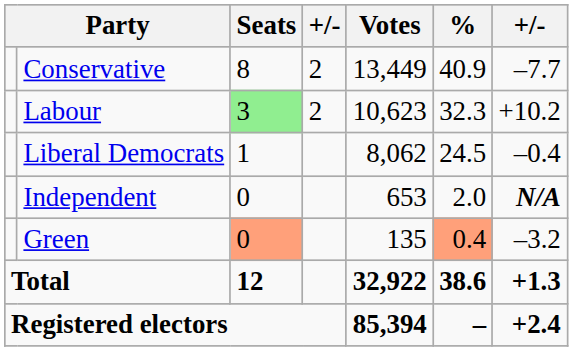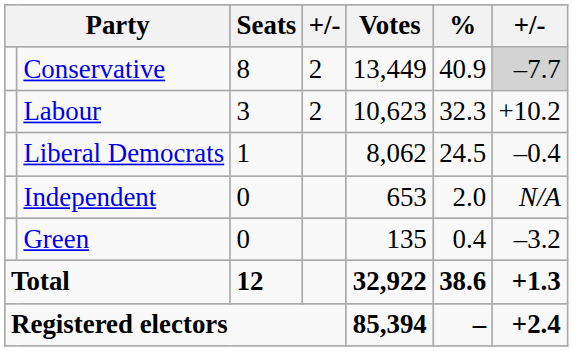 <table class="wikitable sortable">
 <tr>
 <th colspan="2">Party</th>
 <th>Seats</th>
 <th>+/-</th>
 <th>Votes</th>
 <th>%</th>
 <th>+/-</th>
 </tr>
 <tr>
 <td style="background-color: "></td>
 <td><a href='#'>Conservative</a></td>
 <td>8</td>
 <td> 2</td>
 <td style="text-align:right;">13,449</td>
 <td style="text-align:right;">40.9</td>
-<td style="text-align:right;">–7.7</td>
+<td style="background: lightgrey; text-align:right;">–7.7</td>
 </tr>
 <tr>
 <td style="background-color: "></td>
 <td><a href='#'>Labour</a></td>
-<td style="background: lightgreen;">3</td>
+<td>3</td>
 <td> 2</td>
 <td style="text-align:right;">10,623</td>
 <td style="text-align:right;">32.3</td>
 <td style="text-align:right;">+10.2</td>
 </tr>
 <tr>
 <td style="background-color: "></td>
 <td><a href='#'>Liberal Democrats</a></td>
 <td>1</td>
 <td></td>
 <td style="text-align:right;">8,062</td>
 <td style="text-align:right;">24.5</td>
 <td style="text-align:right;">–0.4</td>
 </tr>
 <tr>
 <td style="background-color: "></td>
 <td><a href='#'>Independent</a></td>
 <td>0</td>
 <td></td>
 <td style="text-align:right;">653</td>
 <td style="text-align:right;">2.0</td>
-<td style="text-align:right;"><strong><em>N/A</em></strong></td>
+<td style="text-align:right;"><em>N/A</em></td>
 </tr>
 <tr>
 <td style="background-color: "></td>
 <td><a href='#'>Green</a></td>
-<td style="background: lightsalmon;">0</td>
+<td>0</td>
 <td></td>
 <td style="text-align:right;">135</td>
-<td style="background: lightsalmon; text-align:right;">0.4</td>
+<td style="text-align:right;">0.4</td>
 <td style="text-align:right;">–3.2</td>
 </tr>
 <tr>
 <td colspan="2"><strong>Total</strong></td>
 <td><strong>12</strong></td>
 <td></td>
 <td style="text-align:right;"><strong>32,922</strong></td>
 <td style="text-align:right;"><strong>38.6</strong></td>
 <td style="text-align:right;"><strong>+1.3</strong></td>
 </tr>
 <tr>
 <td colspan="4"><strong>Registered electors</strong></td>
 <td style="text-align:right;"><strong>85,394</strong></td>
 <td style="text-align:right;"><strong>–</strong></td>
 <td style="text-align:right;"><strong>+2.4</strong></td>
 </tr>
 </table>
